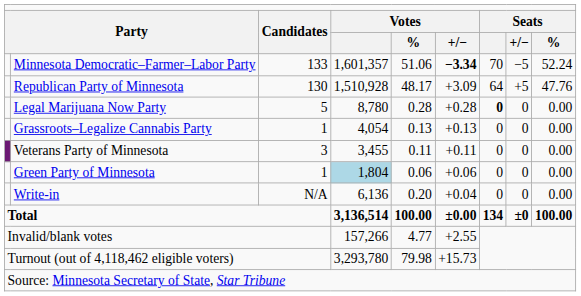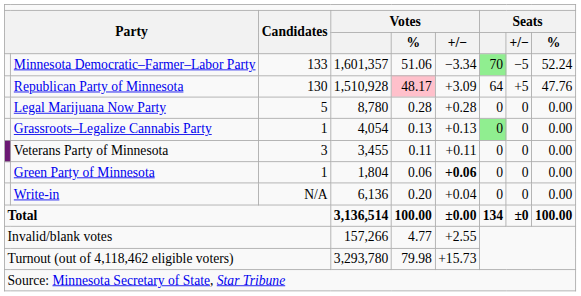 <table class="wikitable">
 <tr>
 <td colspan="9"></td>
 </tr>
 <tr>
 <th colspan="2" rowspan="2">Party</th>
 <th rowspan="2">Candidates</th>
 <th colspan="3">Votes</th>
 <th colspan="3">Seats</th>
 </tr>
 <tr>
 <th></th>
 <th>%</th>
 <th>+/−</th>
 <th></th>
 <th>+/−</th>
 <th>%</th>
 </tr>
 <tr>
 <td style="background-color:"></td>
 <td><a href='#'>Minnesota Democratic–Farmer–Labor Party</a></td>
 <td align="right">133</td>
 <td align="right">1,601,357</td>
 <td align="right">51.06</td>
-<td align="right"><strong>−3.34</strong></td>
-<td align="right">70</td>
+<td align="right">−3.34</td>
+<td align="right" style="background: lightgreen;">70</td>
 <td align="right">−5</td>
 <td align="right">52.24</td>
 </tr>
 <tr>
 <td style="background-color:"></td>
 <td><a href='#'>Republican Party of Minnesota</a></td>
 <td align="right">130</td>
 <td align="right">1,510,928</td>
-<td align="right">48.17</td>
+<td align="right" style="background: pink;">48.17</td>
 <td align="right">+3.09</td>
 <td align="right">64</td>
 <td align="right">+5</td>
 <td align="right">47.76</td>
 </tr>
 <tr>
 <td style="background-color:"></td>
 <td><a href='#'>Legal Marijuana Now Party</a></td>
 <td align="right">5</td>
 <td align="right">8,780</td>
 <td align="right">0.28</td>
 <td align="right">+0.28</td>
-<td align="right"><strong>0</strong></td>
+<td align="right">0</td>
 <td align="right">0</td>
 <td align="right">0.00</td>
 </tr>
 <tr>
 <td style="background-color:"></td>
 <td><a href='#'>Grassroots–Legalize Cannabis Party</a></td>
 <td align="right">1</td>
 <td align="right">4,054</td>
 <td align="right">0.13</td>
 <td align="right">+0.13</td>
-<td align="right">0</td>
+<td align="right" style="background: lightgreen;">0</td>
 <td align="right">0</td>
 <td align="right">0.00</td>
 </tr>
 <tr>
 <td style="background-color:#6c1a74"></td>
 <td>Veterans Party of Minnesota</td>
 <td align="right">3</td>
 <td align="right">3,455</td>
 <td align="right">0.11</td>
 <td align="right">+0.11</td>
 <td align="right">0</td>
 <td align="right">0</td>
 <td align="right">0.00</td>
 </tr>
 <tr>
 <td style="background-color:"></td>
 <td><a href='#'>Green Party of Minnesota</a></td>
 <td align="right">1</td>
-<td align="right" style="background: lightblue;">1,804</td>
+<td align="right">1,804</td>
 <td align="right">0.06</td>
-<td align="right">+0.06</td>
+<td align="right"><strong>+0.06</strong></td>
 <td align="right">0</td>
 <td align="right">0</td>
 <td align="right">0.00</td>
 </tr>
 <tr>
 <td style="background-color:"></td>
 <td><a href='#'>Write-in</a></td>
 <td align="right">N/A</td>
 <td align="right">6,136</td>
 <td align="right">0.20</td>
 <td align="right">+0.04</td>
 <td align="right">0</td>
 <td align="right">0</td>
 <td align="right">0.00</td>
 </tr>
 <tr>
 <td colspan="3"><strong>Total</strong></td>
 <td style="font-weight:bold" align="right">3,136,514</td>
 <td style="font-weight:bold" align="right">100.00</td>
 <td style="font-weight:bold" align="right">±0.00</td>
 <td style="font-weight:bold" align="right">134</td>
 <td style="font-weight:bold" align="right">±0</td>
 <td style="font-weight:bold" align="right">100.00</td>
 </tr>
 <tr>
 <td colspan="3">Invalid/blank votes</td>
 <td align="right">157,266</td>
 <td align="right">4.77</td>
 <td align="right">+2.55</td>
 <td colspan="3" rowspan="2"></td>
 </tr>
 <tr>
 <td colspan="3">Turnout (out of 4,118,462 eligible voters)</td>
 <td align="right">3,293,780</td>
 <td align="right">79.98</td>
 <td align="right">+15.73</td>
 </tr>
 <tr>
 <td colspan="9">Source: <a href='#'>Minnesota Secretary of State</a>, <em><a href='#'>Star Tribune</a></em></td>
 </tr>
 </table>
